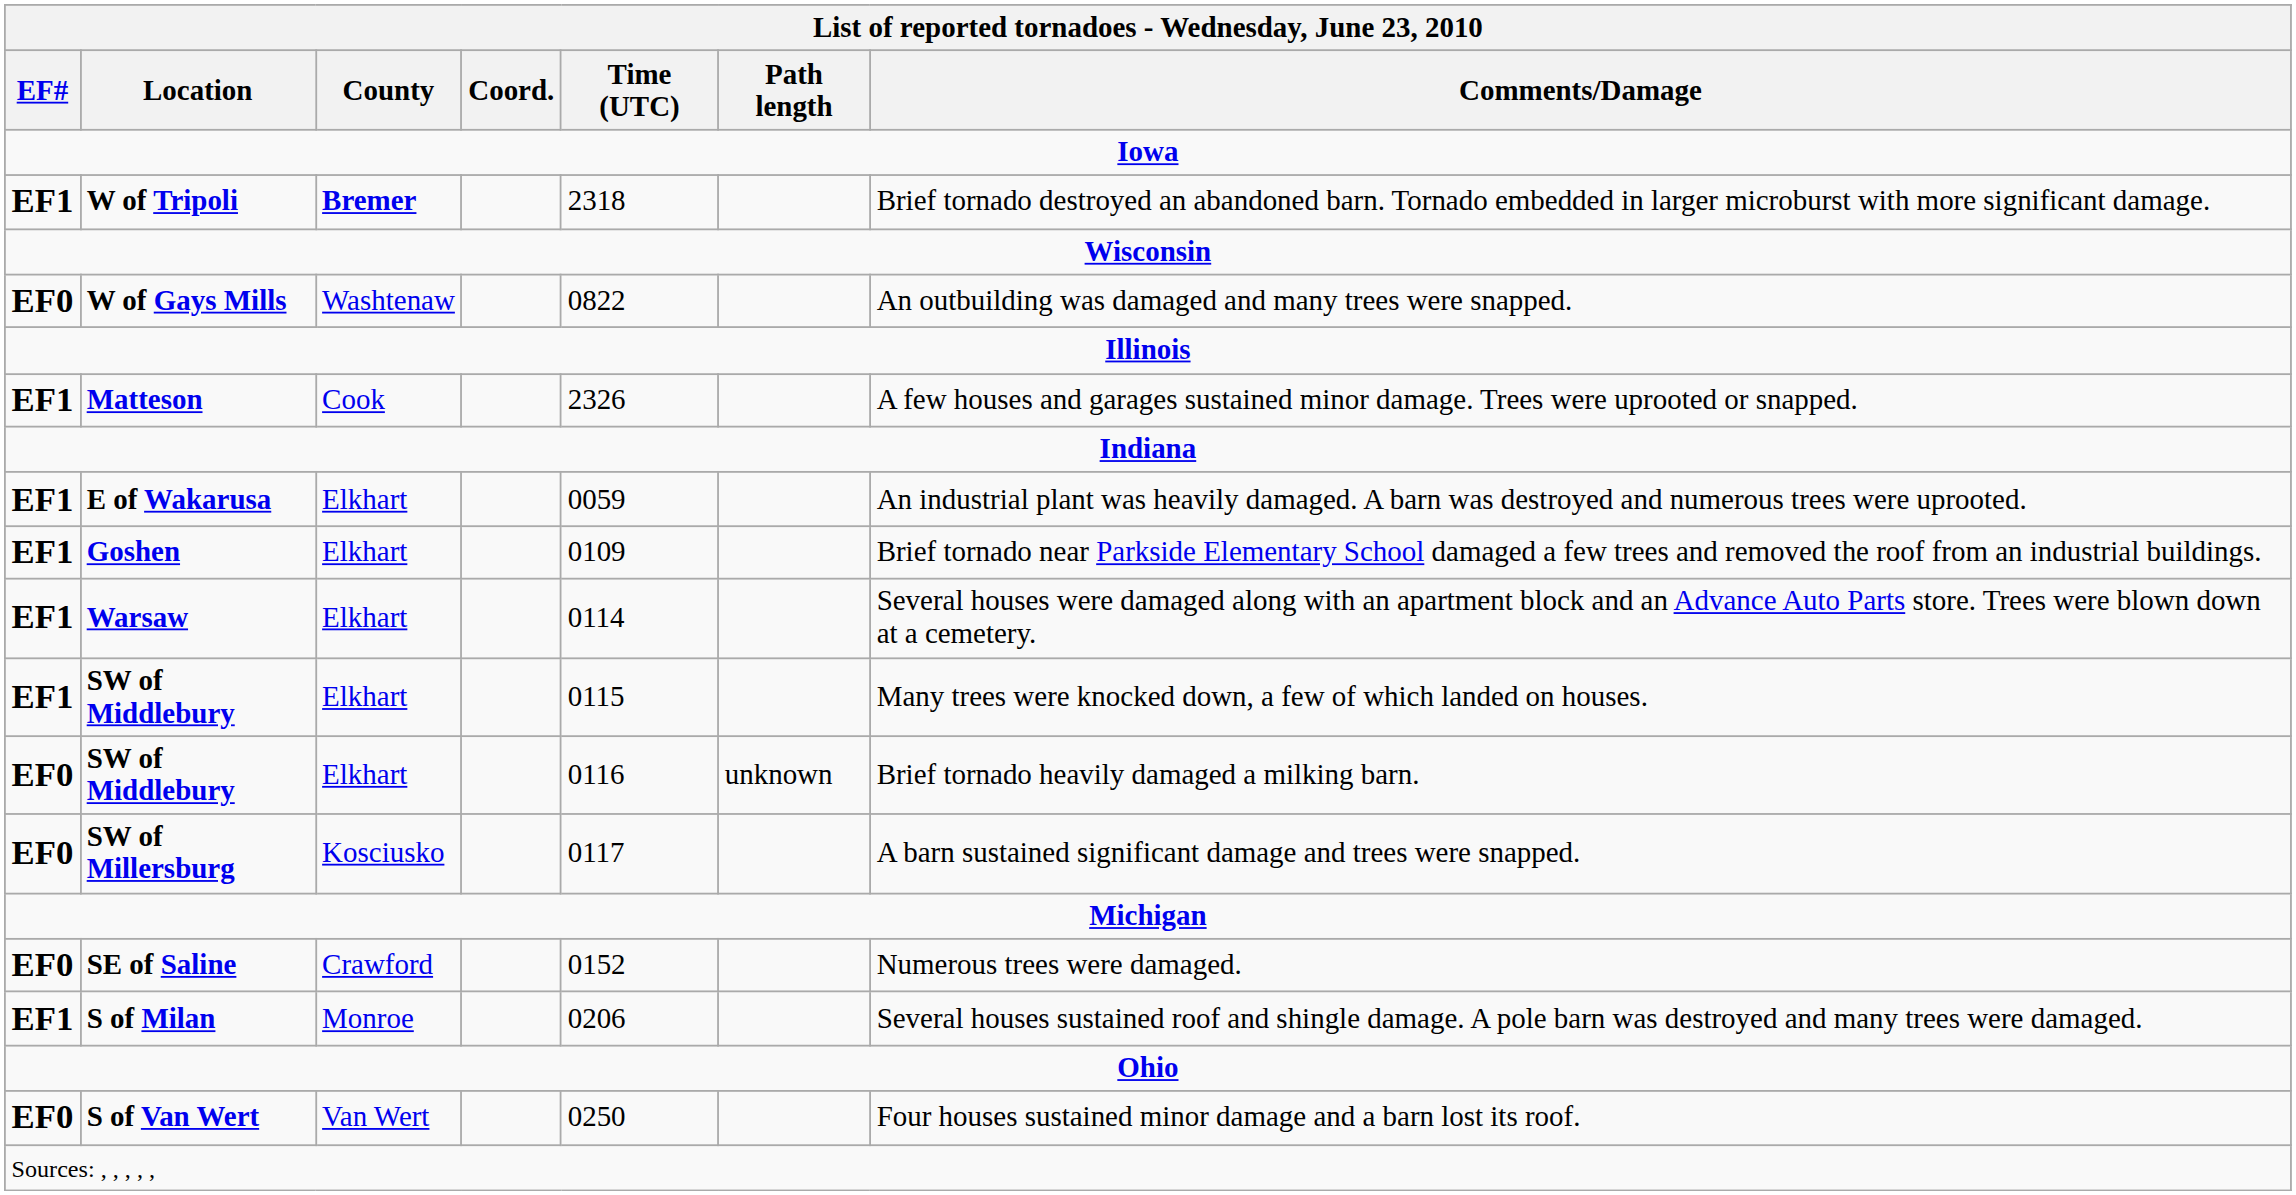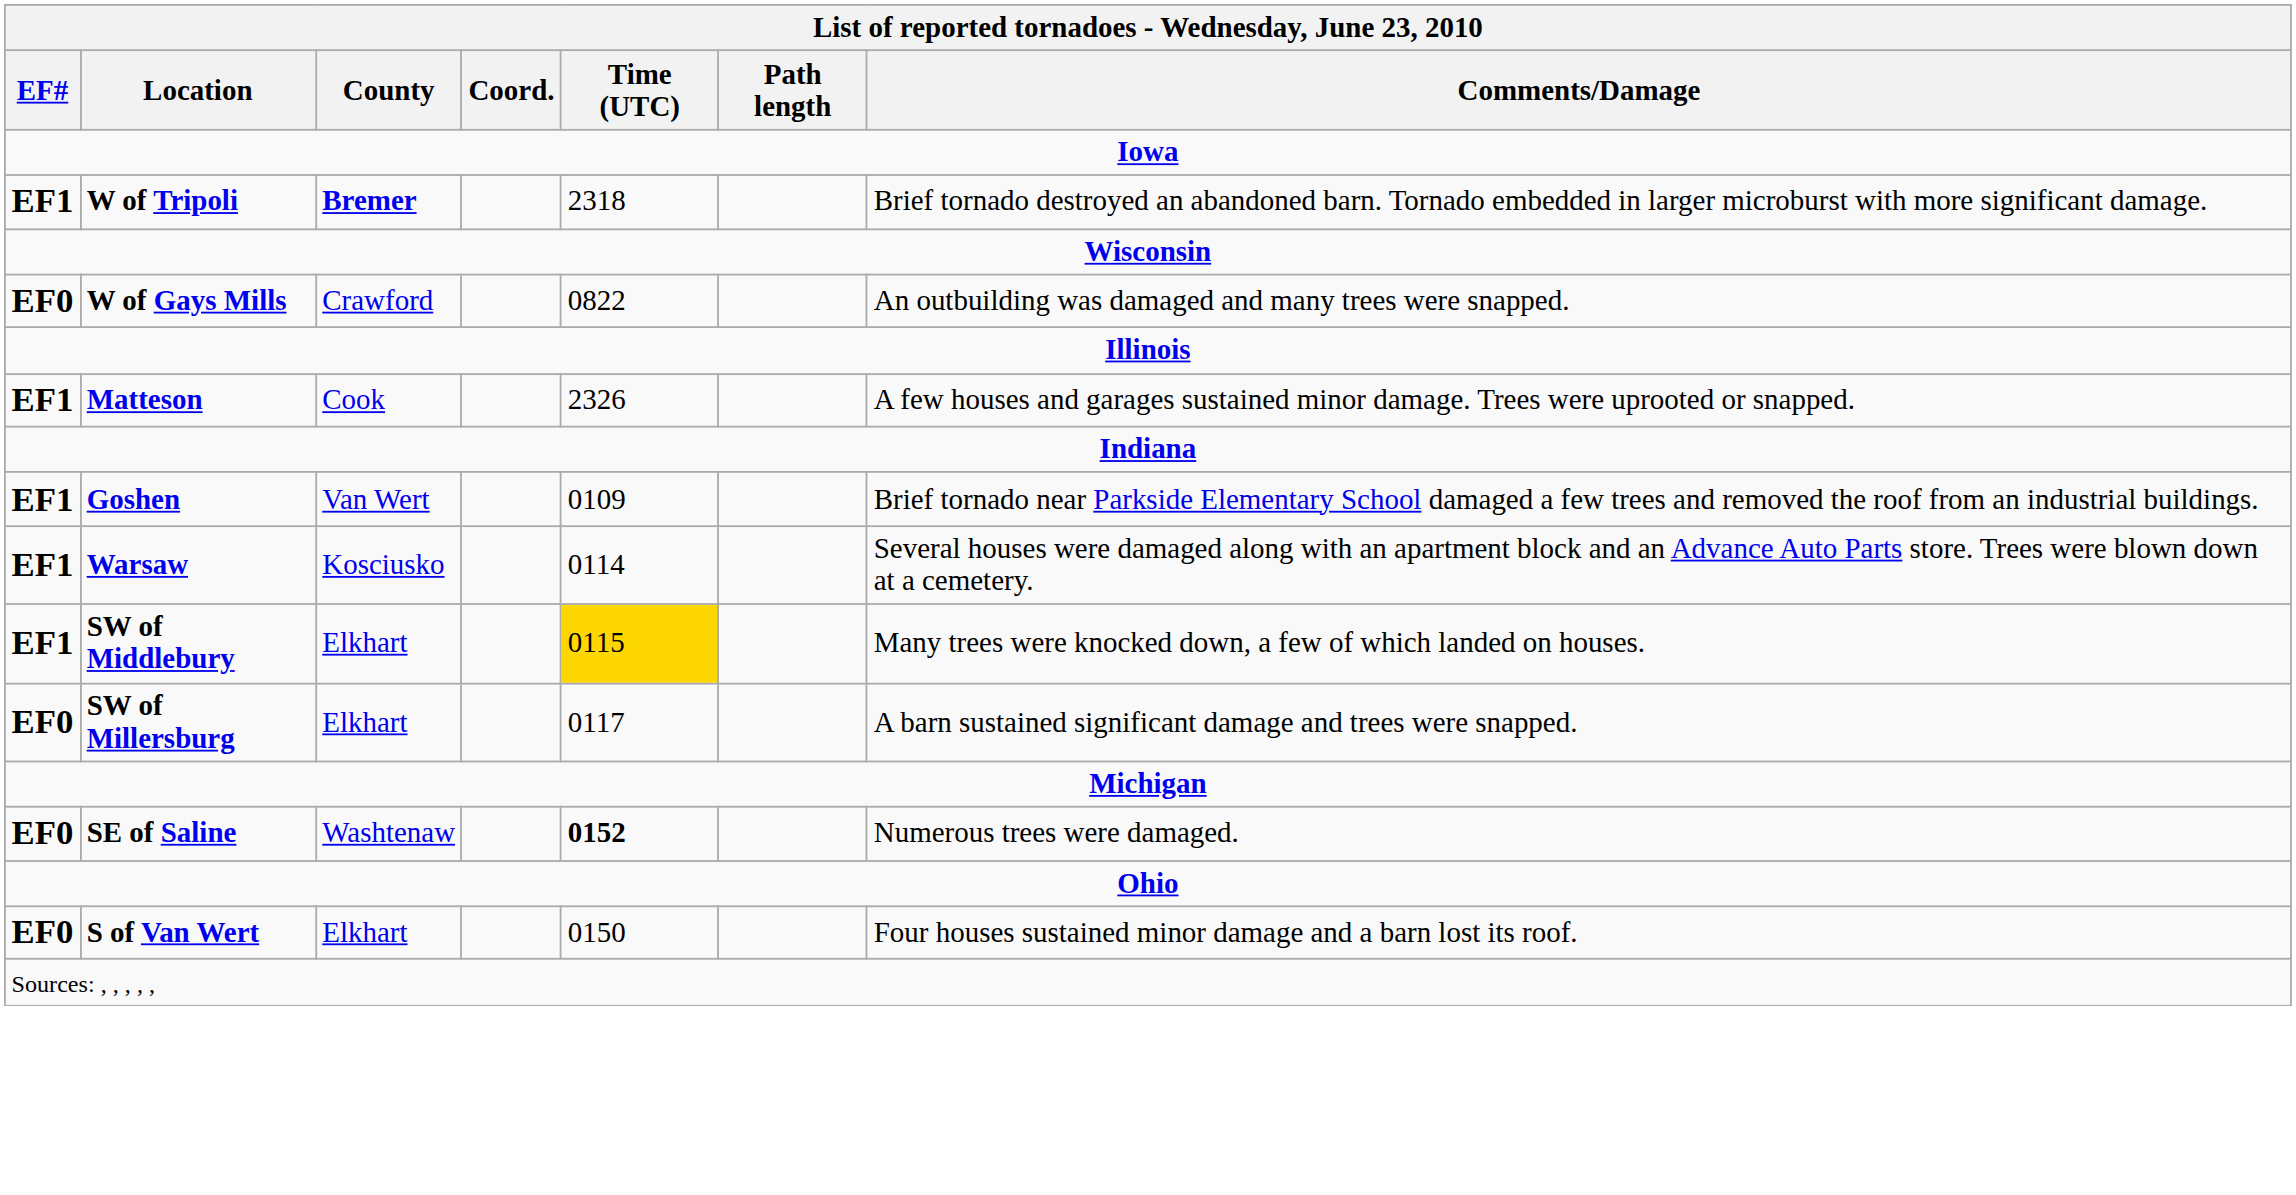 <table class="wikitable collapsible" width="100%">
 <tr>
 <th colspan="7">List of reported tornadoes - Wednesday, June 23, 2010</th>
 </tr>
 <tr>
 <th><a href='#'>EF#</a></th>
 <th>Location</th>
 <th>County</th>
 <th>Coord.</th>
 <th>Time (UTC)</th>
 <th>Path length</th>
 <th>Comments/Damage</th>
 </tr>
 <tr>
 <td colspan="7" align=center><strong><a href='#'>Iowa</a></strong></td>
 </tr>
 <tr>
 <td><big><strong>EF1</strong></big></td>
 <td><strong>W of <a href='#'>Tripoli</a></strong></td>
 <td><strong><a href='#'>Bremer</a></strong></td>
 <td></td>
 <td>2318</td>
 <td></td>
 <td>Brief tornado destroyed an abandoned barn. Tornado embedded in larger microburst with more significant damage.</td>
 </tr>
 <tr>
 <td colspan="7" align=center><strong><a href='#'>Wisconsin</a></strong></td>
 </tr>
 <tr>
 <td><big><strong>EF0</strong></big></td>
 <td><strong>W of <a href='#'>Gays Mills</a></strong></td>
-<td><a href='#'>Washtenaw</a></td>
+<td><a href='#'>Crawford</a></td>
 <td></td>
 <td>0822</td>
 <td></td>
 <td>An outbuilding was damaged and many trees were snapped.</td>
 </tr>
 <tr>
 <td colspan="7" align=center><strong><a href='#'>Illinois</a></strong></td>
 </tr>
 <tr>
 <td><big><strong>EF1</strong></big></td>
 <td><strong><a href='#'>Matteson</a></strong></td>
 <td><a href='#'>Cook</a></td>
 <td></td>
 <td>2326</td>
 <td></td>
 <td>A few houses and garages sustained minor damage. Trees were uprooted or snapped.</td>
 </tr>
 <tr>
 <td colspan="7" align=center><strong><a href='#'>Indiana</a></strong></td>
 </tr>
 <tr>
 <td><big><strong>EF1</strong></big></td>
-<td><strong>E of <a href='#'>Wakarusa</a></strong></td>
-<td><a href='#'>Elkhart</a></td>
-<td></td>
-<td>0059</td>
-<td></td>
-<td>An industrial plant was heavily damaged. A barn was destroyed and numerous trees were uprooted.</td>
-</tr>
-<tr>
-<td><big><strong>EF1</strong></big></td>
 <td><strong><a href='#'>Goshen</a></strong></td>
-<td><a href='#'>Elkhart</a></td>
+<td><a href='#'>Van Wert</a></td>
 <td></td>
 <td>0109</td>
 <td></td>
 <td>Brief tornado near <a href='#'>Parkside Elementary School</a> damaged a few trees and removed the roof from an industrial buildings.</td>
 </tr>
 <tr>
 <td><big><strong>EF1</strong></big></td>
 <td><strong><a href='#'>Warsaw</a></strong></td>
-<td><a href='#'>Elkhart</a></td>
+<td><a href='#'>Kosciusko</a></td>
 <td></td>
 <td>0114</td>
 <td></td>
 <td>Several houses were damaged along with an apartment block and an <a href='#'>Advance Auto Parts</a> store. Trees were blown down at a cemetery.</td>
 </tr>
 <tr>
 <td><big><strong>EF1</strong></big></td>
 <td><strong>SW of <a href='#'>Middlebury</a></strong></td>
 <td><a href='#'>Elkhart</a></td>
 <td></td>
-<td>0115</td>
+<td style="background: gold;">0115</td>
 <td></td>
 <td>Many trees were knocked down, a few of which landed on houses.</td>
 </tr>
 <tr>
 <td><big><strong>EF0</strong></big></td>
-<td><strong>SW of <a href='#'>Middlebury</a></strong></td>
+<td><strong>SW of <a href='#'>Millersburg</a></strong></td>
 <td><a href='#'>Elkhart</a></td>
-<td></td>
-<td>0116</td>
-<td>unknown</td>
-<td>Brief tornado heavily damaged a milking barn.</td>
-</tr>
-<tr>
-<td><big><strong>EF0</strong></big></td>
-<td><strong>SW of <a href='#'>Millersburg</a></strong></td>
-<td><a href='#'>Kosciusko</a></td>
 <td></td>
 <td>0117</td>
 <td></td>
 <td>A barn sustained significant damage and trees were snapped.</td>
 </tr>
 <tr>
 <td colspan="7" align=center><strong><a href='#'>Michigan</a></strong></td>
 </tr>
 <tr>
 <td><big><strong>EF0</strong></big></td>
 <td><strong>SE of <a href='#'>Saline</a></strong></td>
-<td><a href='#'>Crawford</a></td>
+<td><a href='#'>Washtenaw</a></td>
 <td></td>
-<td>0152</td>
+<td><strong>0152</strong></td>
 <td></td>
 <td>Numerous trees were damaged.</td>
-</tr>
-<tr>
-<td><big><strong>EF1</strong></big></td>
-<td><strong>S of <a href='#'>Milan</a></strong></td>
-<td><a href='#'>Monroe</a></td>
-<td></td>
-<td>0206</td>
-<td></td>
-<td>Several houses sustained roof and shingle damage. A pole barn was destroyed and many trees were damaged.</td>
 </tr>
 <tr>
 <td colspan="7" align=center><strong><a href='#'>Ohio</a></strong></td>
 </tr>
 <tr>
 <td><big><strong>EF0</strong></big></td>
 <td><strong>S of <a href='#'>Van Wert</a></strong></td>
-<td><a href='#'>Van Wert</a></td>
+<td><a href='#'>Elkhart</a></td>
 <td></td>
-<td>0250</td>
+<td>0150</td>
 <td></td>
 <td>Four houses sustained minor damage and a barn lost its roof.</td>
 </tr>
 <tr>
 <td colspan="7"><small>Sources: , , , , , </small></td>
 </tr>
 </table>
